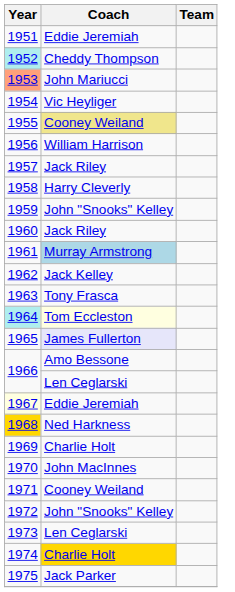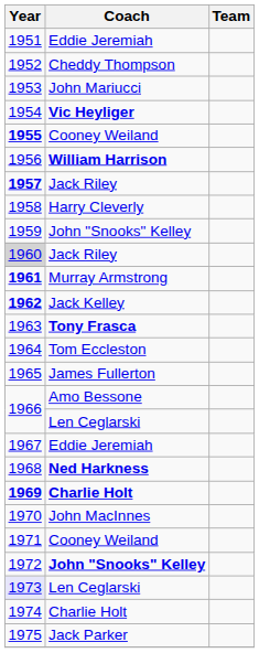 <table class="wikitable">
 <tr>
 <th>Year</th>
 <th>Coach</th>
 <th>Team</th>
 </tr>
 <tr>
 <td align="center"><a href='#'>1951</a></td>
 <td><a href='#'>Eddie Jeremiah</a></td>
 <td><strong><a href='#'></a></strong></td>
 </tr>
 <tr>
-<td align="center" style="background: paleturquoise;"><a href='#'>1952</a></td>
+<td align="center"><a href='#'>1952</a></td>
 <td><a href='#'>Cheddy Thompson</a></td>
 <td><strong><a href='#'></a></strong></td>
 </tr>
 <tr>
-<td align="center" style="background: lightsalmon;"><a href='#'>1953</a></td>
+<td align="center"><a href='#'>1953</a></td>
 <td><a href='#'>John Mariucci</a></td>
 <td><strong><a href='#'></a></strong></td>
 </tr>
 <tr>
 <td align="center"><a href='#'>1954</a></td>
-<td><a href='#'>Vic Heyliger</a></td>
+<td><strong><a href='#'>Vic Heyliger</a></strong></td>
 <td><strong><a href='#'></a></strong></td>
 </tr>
 <tr>
-<td align="center"><a href='#'>1955</a></td>
-<td style="background: khaki;"><a href='#'>Cooney Weiland</a></td>
+<td align="center"><strong><a href='#'>1955</a></strong></td>
+<td><a href='#'>Cooney Weiland</a></td>
 <td><strong><a href='#'></a></strong></td>
 </tr>
 <tr>
 <td align="center"><a href='#'>1956</a></td>
-<td><a href='#'>William Harrison</a></td>
+<td><strong><a href='#'>William Harrison</a></strong></td>
 <td><strong><a href='#'></a></strong></td>
 </tr>
 <tr>
-<td align="center"><a href='#'>1957</a></td>
+<td align="center"><strong><a href='#'>1957</a></strong></td>
 <td><a href='#'>Jack Riley</a></td>
 <td><strong><a href='#'></a></strong></td>
 </tr>
 <tr>
 <td align="center"><a href='#'>1958</a></td>
 <td><a href='#'>Harry Cleverly</a></td>
 <td><strong><a href='#'></a></strong></td>
 </tr>
 <tr>
 <td align="center"><a href='#'>1959</a></td>
 <td><a href='#'>John "Snooks" Kelley</a></td>
 <td><strong><a href='#'></a></strong></td>
 </tr>
 <tr>
-<td align="center"><a href='#'>1960</a></td>
+<td align="center" style="background: lightgrey;"><a href='#'>1960</a></td>
 <td><a href='#'>Jack Riley</a></td>
 <td><strong><a href='#'></a></strong></td>
 </tr>
 <tr>
-<td align="center"><a href='#'>1961</a></td>
-<td style="background: lightblue;"><a href='#'>Murray Armstrong</a></td>
+<td align="center"><strong><a href='#'>1961</a></strong></td>
+<td><a href='#'>Murray Armstrong</a></td>
 <td><strong><a href='#'></a></strong></td>
 </tr>
 <tr>
-<td align="center"><a href='#'>1962</a></td>
+<td align="center"><strong><a href='#'>1962</a></strong></td>
 <td><a href='#'>Jack Kelley</a></td>
 <td><strong><a href='#'></a></strong></td>
 </tr>
 <tr>
 <td align="center"><a href='#'>1963</a></td>
-<td><a href='#'>Tony Frasca</a></td>
+<td><strong><a href='#'>Tony Frasca</a></strong></td>
 <td><strong><a href='#'></a></strong></td>
 </tr>
 <tr>
-<td align="center" style="background: paleturquoise;"><a href='#'>1964</a></td>
-<td style="background: lightyellow;"><a href='#'>Tom Eccleston</a></td>
+<td align="center"><a href='#'>1964</a></td>
+<td><a href='#'>Tom Eccleston</a></td>
 <td><strong><a href='#'></a></strong></td>
 </tr>
 <tr>
 <td align="center"><a href='#'>1965</a></td>
-<td style="background: lavender;"><a href='#'>James Fullerton</a></td>
+<td><a href='#'>James Fullerton</a></td>
 <td><strong><a href='#'></a></strong></td>
 </tr>
 <tr>
 <td rowspan=2 align="center"><a href='#'>1966</a></td>
 <td><a href='#'>Amo Bessone</a></td>
 <td><strong><a href='#'></a></strong></td>
 </tr>
 <tr>
 <td><a href='#'>Len Ceglarski</a></td>
 <td><strong><a href='#'></a></strong></td>
 </tr>
 <tr>
-<td align="center" style="background: lightyellow;"><a href='#'>1967</a></td>
+<td align="center"><a href='#'>1967</a></td>
 <td><a href='#'>Eddie Jeremiah</a></td>
 <td><strong><a href='#'></a></strong></td>
 </tr>
 <tr>
-<td align="center" style="background: gold;"><a href='#'>1968</a></td>
-<td><a href='#'>Ned Harkness</a></td>
+<td align="center"><a href='#'>1968</a></td>
+<td><strong><a href='#'>Ned Harkness</a></strong></td>
 <td><strong><a href='#'></a></strong></td>
 </tr>
 <tr>
-<td align="center"><a href='#'>1969</a></td>
-<td><a href='#'>Charlie Holt</a></td>
+<td align="center"><strong><a href='#'>1969</a></strong></td>
+<td><strong><a href='#'>Charlie Holt</a></strong></td>
 <td><strong><a href='#'></a></strong></td>
 </tr>
 <tr>
 <td align="center"><a href='#'>1970</a></td>
 <td><a href='#'>John MacInnes</a></td>
 <td><strong><a href='#'></a></strong></td>
 </tr>
 <tr>
 <td align="center"><a href='#'>1971</a></td>
 <td><a href='#'>Cooney Weiland</a></td>
 <td><strong><a href='#'></a></strong></td>
 </tr>
 <tr>
 <td align="center"><a href='#'>1972</a></td>
-<td><a href='#'>John "Snooks" Kelley</a></td>
+<td><strong><a href='#'>John "Snooks" Kelley</a></strong></td>
 <td><strong><a href='#'></a></strong></td>
 </tr>
 <tr>
-<td align="center"><a href='#'>1973</a></td>
+<td align="center" style="background: lavender;"><a href='#'>1973</a></td>
 <td><a href='#'>Len Ceglarski</a></td>
 <td><strong><a href='#'></a></strong></td>
 </tr>
 <tr>
 <td align="center"><a href='#'>1974</a></td>
-<td style="background: gold;"><a href='#'>Charlie Holt</a></td>
+<td><a href='#'>Charlie Holt</a></td>
 <td><strong><a href='#'></a></strong></td>
 </tr>
 <tr>
 <td align="center"><a href='#'>1975</a></td>
 <td><a href='#'>Jack Parker</a></td>
 <td><strong><a href='#'></a></strong></td>
 </tr>
 <tr>
 </tr>
 </table>
